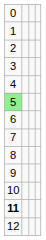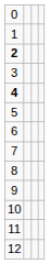 <table class=wikitable>
 <tr align=center>
 <td>0</td>
 <td style="font-size:135%;line-height:150%;"></td>
 <td style="font-size:135%;line-height:150%;"></td>
 <td align=left></td>
 </tr>
 <tr align=center>
 <td>1</td>
 <td style="font-size:135%;line-height:150%;"></td>
 <td style="font-size:135%;line-height:150%;"></td>
 <td align=left></td>
 </tr>
 <tr align=center>
-<td>2</td>
+<td><strong>2</strong></td>
 <td style="font-size:135%;line-height:150%;"></td>
 <td style="font-size:135%;line-height:150%;"></td>
 <td align=left></td>
 </tr>
 <tr align=center>
 <td>3</td>
 <td style="font-size:135%;line-height:150%;"></td>
 <td style="font-size:135%;line-height:150%;"></td>
 <td align=left></td>
 </tr>
 <tr align=center>
-<td>4</td>
+<td><strong>4</strong></td>
 <td style="font-size:135%;line-height:150%;"></td>
 <td style="font-size:135%;line-height:150%;"></td>
 <td align=left></td>
 </tr>
 <tr align=center>
-<td style="background: lightgreen;">5</td>
+<td>5</td>
 <td style="font-size:135%;line-height:150%;"></td>
 <td style="font-size:135%;line-height:150%;"></td>
 <td align=left></td>
 </tr>
 <tr align=center>
 <td>6</td>
 <td style="font-size:135%;line-height:150%;"></td>
 <td style="font-size:135%;line-height:150%;"></td>
 <td align=left></td>
 </tr>
 <tr align=center>
 <td>7</td>
 <td style="font-size:135%;line-height:150%;"></td>
 <td style="font-size:135%;line-height:150%;"></td>
 <td align=left></td>
 </tr>
 <tr align=center>
 <td>8</td>
 <td style="font-size:135%;line-height:150%;"></td>
 <td style="font-size:135%;line-height:150%;"></td>
 <td align=left></td>
 </tr>
 <tr align=center>
 <td>9</td>
 <td style="font-size:135%;line-height:150%;"></td>
 <td style="font-size:135%;line-height:150%;"></td>
 <td align=left></td>
 </tr>
 <tr align=center>
 <td>10</td>
 <td style="font-size:135%;line-height:150%;"></td>
 <td style="font-size:135%;line-height:150%;"></td>
 <td align=left></td>
 </tr>
 <tr align=center>
-<td><strong>11</strong></td>
+<td>11</td>
 <td style="font-size:135%;line-height:150%;"></td>
 <td style="font-size:135%;line-height:150%;"></td>
 <td align=left></td>
 </tr>
 <tr align=center>
 <td>12</td>
 <td style="font-size:135%;line-height:150%;"></td>
 <td style="font-size:135%;line-height:150%;"></td>
 <td align=left></td>
 </tr>
 </table>
